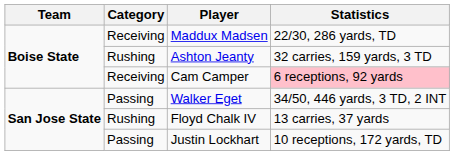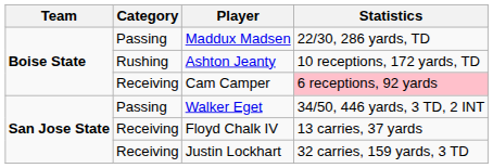 <table class="wikitable" style="float: right;">
 <tr>
 <th>Team</th>
 <th>Category</th>
 <th>Player</th>
 <th>Statistics</th>
 </tr>
 <tr>
 <td rowspan=3><strong>Boise State</strong></td>
-<td>Receiving</td>
+<td>Passing</td>
 <td><a href='#'>Maddux Madsen</a></td>
 <td>22/30, 286 yards, TD</td>
 </tr>
 <tr>
 <td>Rushing</td>
 <td><a href='#'>Ashton Jeanty</a></td>
-<td>32 carries, 159 yards, 3 TD</td>
+<td>10 receptions, 172 yards, TD</td>
 </tr>
 <tr>
 <td>Receiving</td>
 <td>Cam Camper</td>
 <td style="background: pink;">6 receptions, 92 yards</td>
 </tr>
 <tr>
 <td rowspan=3><strong>San Jose State</strong></td>
 <td>Passing</td>
 <td><a href='#'>Walker Eget</a></td>
 <td>34/50, 446 yards, 3 TD, 2 INT</td>
 </tr>
 <tr>
-<td>Rushing</td>
+<td>Receiving</td>
 <td>Floyd Chalk IV</td>
 <td>13 carries, 37 yards</td>
 </tr>
 <tr>
-<td>Passing</td>
+<td>Receiving</td>
 <td>Justin Lockhart</td>
-<td>10 receptions, 172 yards, TD</td>
+<td>32 carries, 159 yards, 3 TD</td>
 </tr>
 </table>
